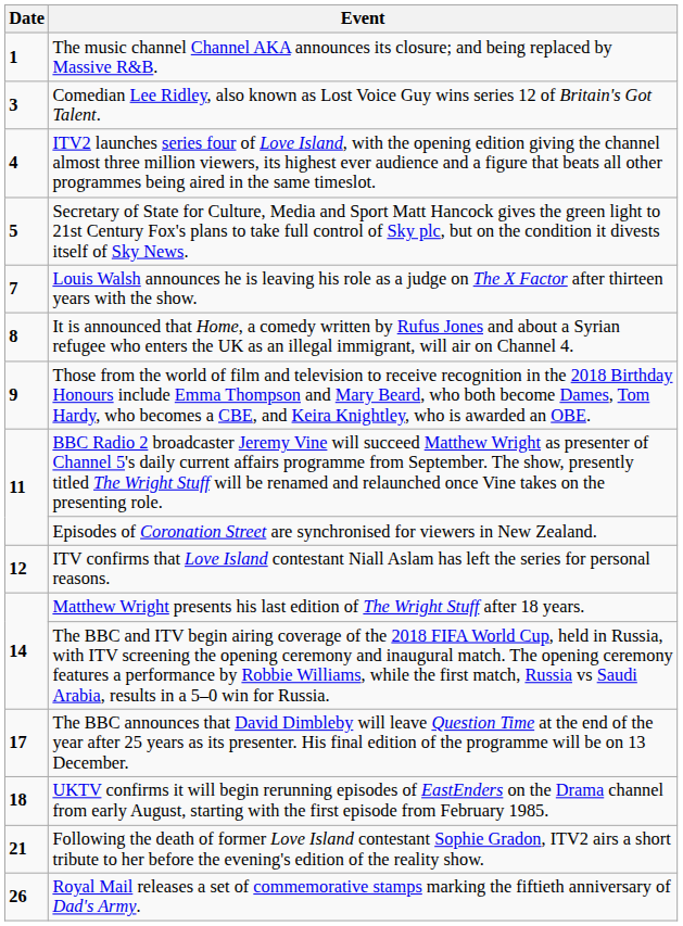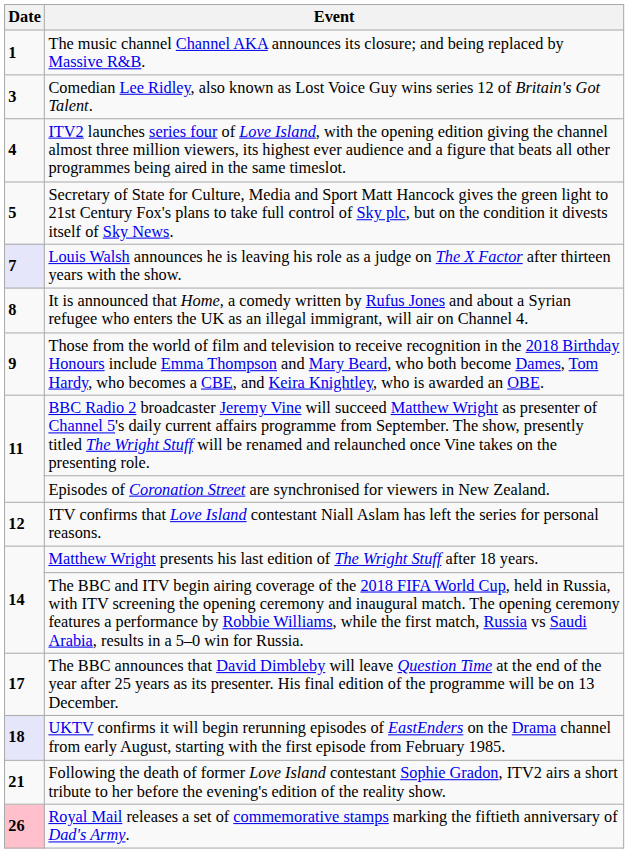 <table class="wikitable">
 <tr>
 <th>Date</th>
 <th>Event</th>
 </tr>
 <tr>
 <td><strong>1</strong></td>
 <td>The music channel <a href='#'>Channel AKA</a> announces its closure; and being replaced by <a href='#'>Massive R&B</a>.</td>
 </tr>
 <tr>
 <td><strong>3</strong></td>
 <td>Comedian <a href='#'>Lee Ridley</a>, also known as Lost Voice Guy wins series 12 of <em>Britain's Got Talent</em>.</td>
 </tr>
 <tr>
 <td><strong>4</strong></td>
 <td><a href='#'>ITV2</a> launches <a href='#'>series four</a> of <em><a href='#'>Love Island</a></em>, with the opening edition giving the channel almost three million viewers, its highest ever audience and a figure that beats all other programmes being aired in the same timeslot.</td>
 </tr>
 <tr>
 <td><strong>5</strong></td>
 <td>Secretary of State for Culture, Media and Sport Matt Hancock gives the green light to 21st Century Fox's plans to take full control of <a href='#'>Sky plc</a>, but on the condition it divests itself of <a href='#'>Sky News</a>.</td>
 </tr>
 <tr>
-<td><strong>7</strong></td>
+<td style="background: lavender;"><strong>7</strong></td>
 <td><a href='#'>Louis Walsh</a> announces he is leaving his role as a judge on <em><a href='#'>The X Factor</a></em> after thirteen years with the show.</td>
 </tr>
 <tr>
 <td><strong>8</strong></td>
 <td>It is announced that <em>Home</em>, a comedy written by <a href='#'>Rufus Jones</a> and about a Syrian refugee who enters the UK as an illegal immigrant, will air on Channel 4.</td>
 </tr>
 <tr>
 <td><strong>9</strong></td>
 <td>Those from the world of film and television to receive recognition in the <a href='#'>2018 Birthday Honours</a> include <a href='#'>Emma Thompson</a> and <a href='#'>Mary Beard</a>, who both become <a href='#'>Dames</a>, <a href='#'>Tom Hardy</a>, who becomes a <a href='#'>CBE</a>, and <a href='#'>Keira Knightley</a>, who is awarded an <a href='#'>OBE</a>.</td>
 </tr>
 <tr>
 <td rowspan=2><strong>11</strong></td>
 <td><a href='#'>BBC Radio 2</a> broadcaster <a href='#'>Jeremy Vine</a> will succeed <a href='#'>Matthew Wright</a> as presenter of <a href='#'>Channel 5</a>'s daily current affairs programme from September. The show, presently titled <em><a href='#'>The Wright Stuff</a></em> will be renamed and relaunched once Vine takes on the presenting role.</td>
 </tr>
 <tr>
 <td>Episodes of <em><a href='#'>Coronation Street</a></em> are synchronised for viewers in New Zealand.</td>
 </tr>
 <tr>
 <td><strong>12</strong></td>
 <td>ITV confirms that <em><a href='#'>Love Island</a></em> contestant Niall Aslam has left the series for personal reasons.</td>
 </tr>
 <tr>
 <td rowspan=2><strong>14</strong></td>
 <td><a href='#'>Matthew Wright</a> presents his last edition of <em><a href='#'>The Wright Stuff</a></em> after 18 years.</td>
 </tr>
 <tr>
 <td>The BBC and ITV begin airing coverage of the <a href='#'>2018 FIFA World Cup</a>, held in Russia, with ITV screening the opening ceremony and inaugural match. The opening ceremony features a performance by <a href='#'>Robbie Williams</a>, while the first match, <a href='#'>Russia</a> vs <a href='#'>Saudi Arabia</a>, results in a 5–0 win for Russia.</td>
 </tr>
 <tr>
 <td><strong>17</strong></td>
 <td>The BBC announces that <a href='#'>David Dimbleby</a> will leave <em><a href='#'>Question Time</a></em> at the end of the year after 25 years as its presenter. His final edition of the programme will be on 13 December.</td>
 </tr>
 <tr>
-<td><strong>18</strong></td>
+<td style="background: lavender;"><strong>18</strong></td>
 <td><a href='#'>UKTV</a> confirms it will begin rerunning episodes of <em><a href='#'>EastEnders</a></em> on the <a href='#'>Drama</a> channel from early August, starting with the first episode from February 1985.</td>
 </tr>
 <tr>
 <td><strong>21</strong></td>
 <td>Following the death of former <em>Love Island</em> contestant <a href='#'>Sophie Gradon</a>, ITV2 airs a short tribute to her before the evening's edition of the reality show.</td>
 </tr>
 <tr>
-<td><strong>26</strong></td>
+<td style="background: pink;"><strong>26</strong></td>
 <td><a href='#'>Royal Mail</a> releases a set of <a href='#'>commemorative stamps</a> marking the fiftieth anniversary of <em><a href='#'>Dad's Army</a></em>.</td>
 </tr>
 </table>
